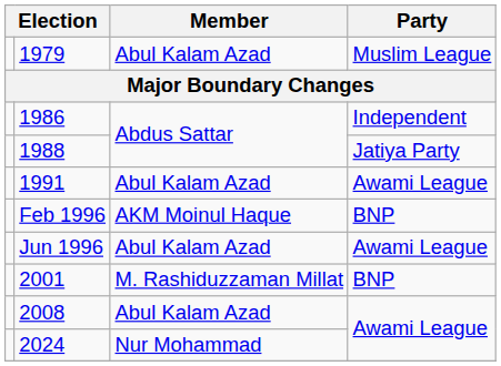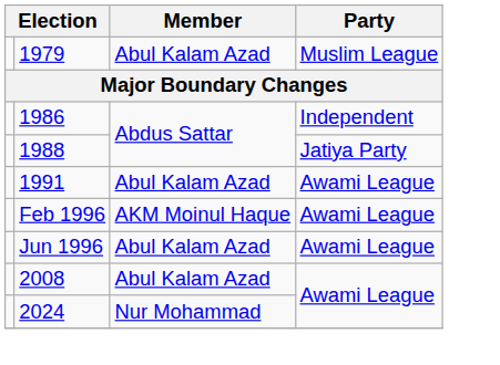 <table class="wikitable">
 <tr>
 <th colspan="2">Election</th>
 <th>Member</th>
 <th>Party</th>
 </tr>
 <tr>
 <td style="background-color:"></td>
 <td><a href='#'>1979</a></td>
 <td><a href='#'>Abul Kalam Azad</a></td>
 <td><a href='#'>Muslim League</a></td>
 </tr>
 <tr>
 <th colspan="4">Major Boundary Changes</th>
 </tr>
 <tr>
 <td style="background-color:"></td>
 <td><a href='#'>1986</a></td>
 <td rowspan="2"><a href='#'>Abdus Sattar</a></td>
 <td><a href='#'>Independent</a></td>
 </tr>
 <tr>
 <td style="background-color:"></td>
 <td><a href='#'>1988</a></td>
 <td><a href='#'>Jatiya Party</a></td>
 </tr>
 <tr>
 <td style="background-color:"></td>
 <td><a href='#'>1991</a></td>
 <td><a href='#'>Abul Kalam Azad</a></td>
 <td><a href='#'>Awami League</a></td>
 </tr>
 <tr>
 <td style="background-color:"></td>
 <td><a href='#'>Feb 1996</a></td>
 <td><a href='#'>AKM Moinul Haque</a></td>
-<td><a href='#'>BNP</a></td>
+<td><a href='#'>Awami League</a></td>
 </tr>
 <tr>
 <td style="background-color:"></td>
 <td><a href='#'>Jun 1996</a></td>
 <td><a href='#'>Abul Kalam Azad</a></td>
 <td><a href='#'>Awami League</a></td>
-</tr>
-<tr>
-<td style="background-color:"></td>
-<td><a href='#'>2001</a></td>
-<td><a href='#'>M. Rashiduzzaman Millat</a></td>
-<td><a href='#'>BNP</a></td>
 </tr>
 <tr>
 <td style="background-color:"></td>
 <td><a href='#'>2008</a></td>
 <td><a href='#'>Abul Kalam Azad</a></td>
 <td rowspan="2"><a href='#'>Awami League</a></td>
 </tr>
 <tr>
 <td style="background-color:"></td>
 <td><a href='#'>2024</a></td>
 <td><a href='#'>Nur Mohammad</a></td>
 </tr>
 <tr>
 </tr>
 </table>
